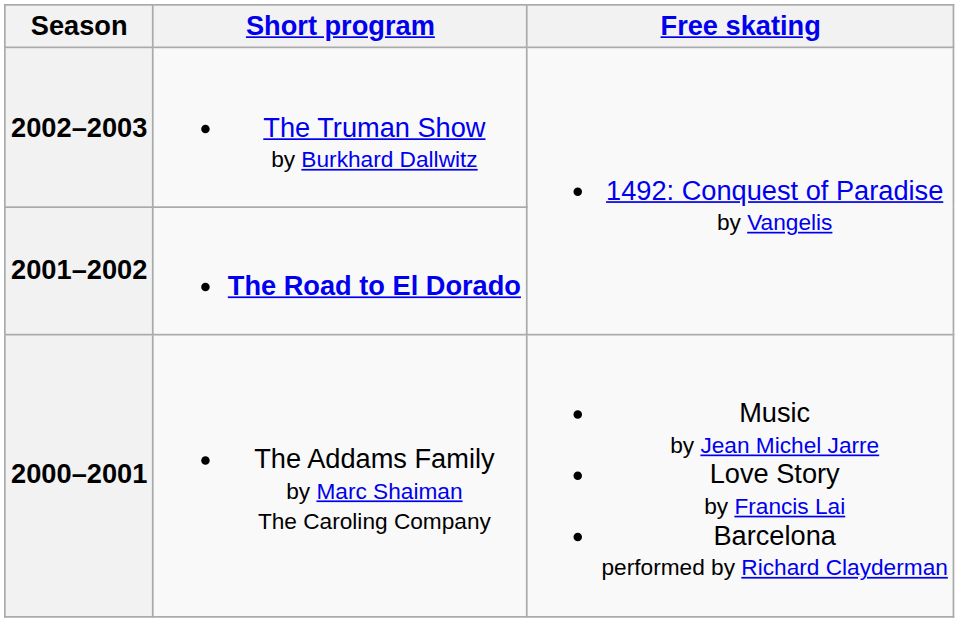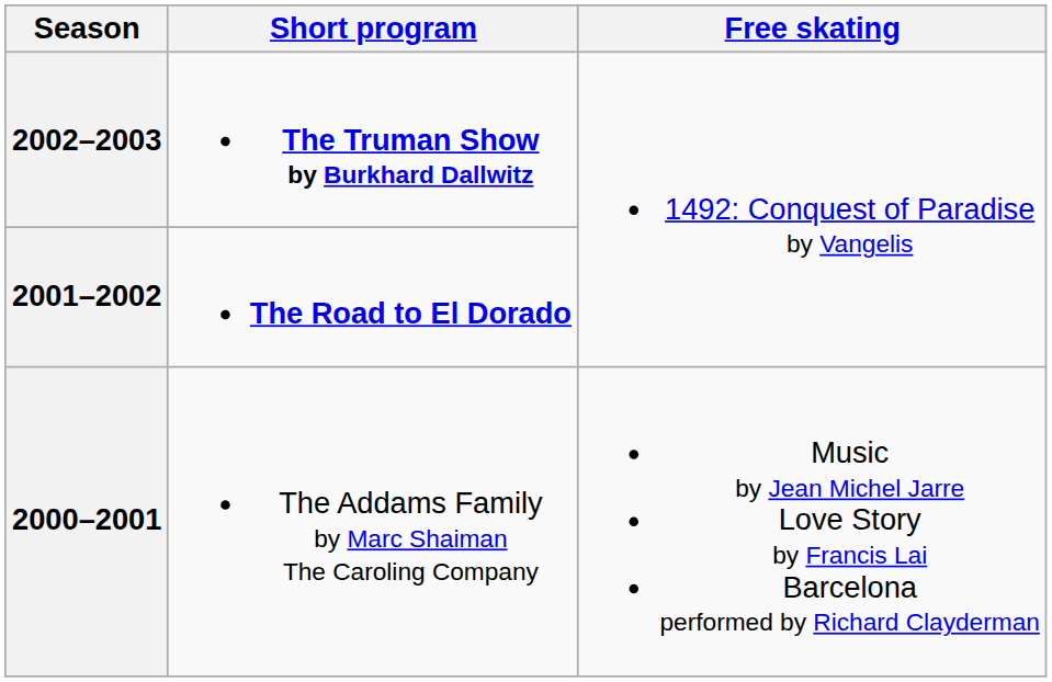 <table class=wikitable style=text-align:center>
 <tr>
 <th>Season</th>
 <th><a href='#'>Short program</a></th>
 <th><a href='#'>Free skating</a></th>
 </tr>
 <tr>
 <th>2002–2003 <br> </th>
-<td><br><ul><li><a href='#'>The Truman Show</a> <br><small> by <a href='#'>Burkhard Dallwitz</a> </small></li></ul></td>
+<td><strong><br><ul><li><a href='#'>The Truman Show</a> <br><small> by <a href='#'>Burkhard Dallwitz</a> </small></li></ul></strong></td>
 <td rowspan=2><br><ul><li><a href='#'>1492: Conquest of Paradise</a> <br><small> by <a href='#'>Vangelis</a> </small></li></ul></td>
 </tr>
 <tr>
 <th>2001–2002 <br> </th>
 <td><strong><br><ul><li><a href='#'>The Road to El Dorado</a></li></ul></strong></td>
 </tr>
 <tr>
 <th>2000–2001 <br> </th>
 <td><br><ul><li>The Addams Family <br><small> by <a href='#'>Marc Shaiman</a> <br> The Caroling Company </small></li></ul></td>
 <td><br><ul><li>Music <br><small> by <a href='#'>Jean Michel Jarre</a> </small></li><li>Love Story <br><small> by <a href='#'>Francis Lai</a> </small></li><li>Barcelona <br><small> performed by <a href='#'>Richard Clayderman</a> </small></li></ul></td>
 </tr>
 </table>
